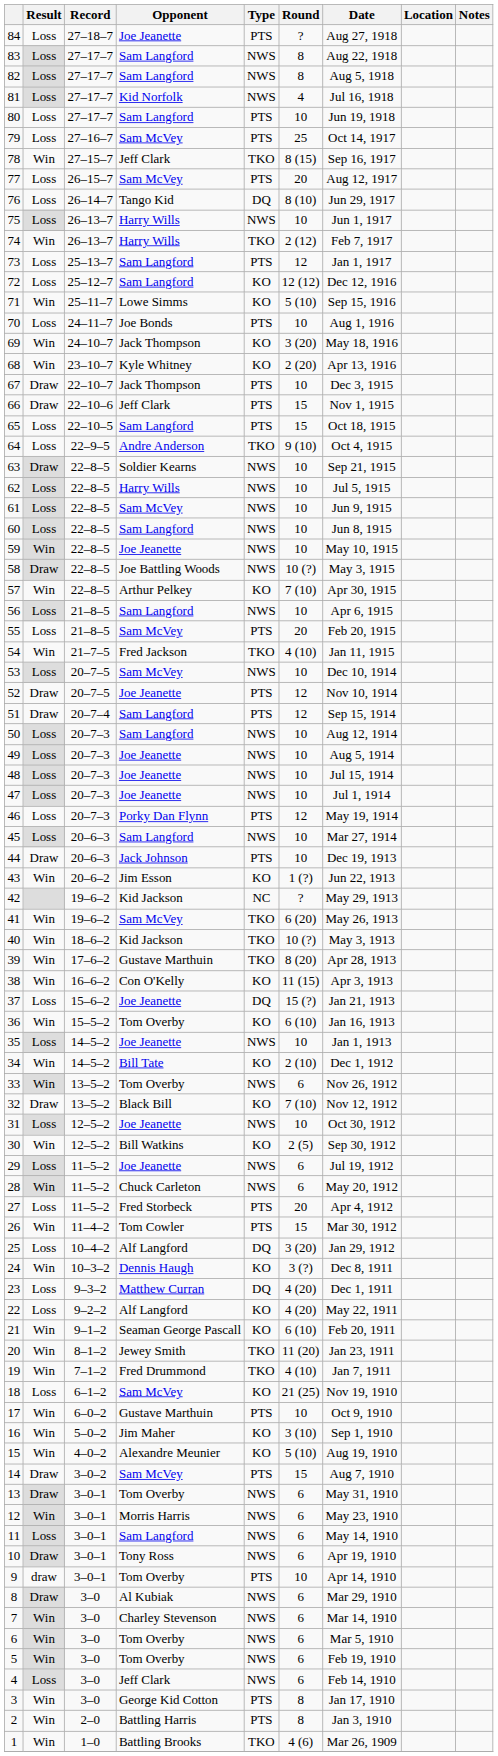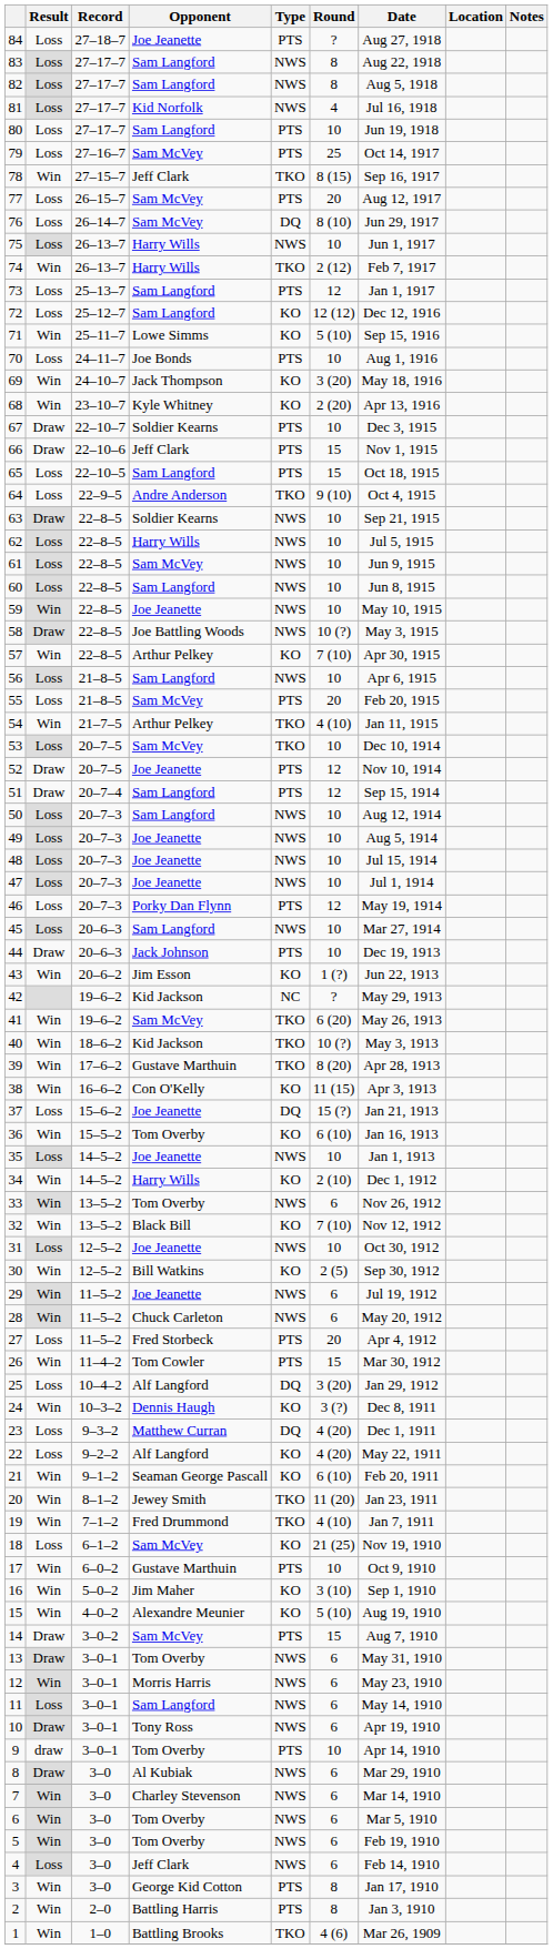 <table class="wikitable mw-collapsible mw-collapsed" style="text-align:center">
 <tr>
 <th></th>
 <th>Result</th>
 <th>Record</th>
 <th>Opponent</th>
 <th>Type</th>
 <th>Round</th>
 <th>Date</th>
 <th>Location</th>
 <th>Notes</th>
 </tr>
 <tr>
 <td>84</td>
 <td>Loss</td>
 <td>27–18–7 </td>
 <td align=left><a href='#'>Joe Jeanette</a></td>
 <td>PTS</td>
 <td>?</td>
 <td>Aug 27, 1918</td>
 <td style="text-align:left;"></td>
 <td></td>
 </tr>
 <tr>
 <td>83</td>
 <td style="background:#DDD">Loss</td>
 <td>27–17–7 </td>
 <td align=left><a href='#'>Sam Langford</a></td>
 <td>NWS</td>
 <td>8</td>
 <td>Aug 22, 1918</td>
 <td style="text-align:left;"></td>
 <td></td>
 </tr>
 <tr>
 <td>82</td>
 <td style="background:#DDD">Loss</td>
 <td>27–17–7 </td>
 <td align=left><a href='#'>Sam Langford</a></td>
 <td>NWS</td>
 <td>8</td>
 <td>Aug 5, 1918</td>
 <td style="text-align:left;"></td>
 <td></td>
 </tr>
 <tr>
 <td>81</td>
 <td style="background:#DDD">Loss</td>
 <td>27–17–7 </td>
 <td align=left><a href='#'>Kid Norfolk</a></td>
 <td>NWS</td>
 <td>4</td>
 <td>Jul 16, 1918</td>
 <td style="text-align:left;"></td>
 <td></td>
 </tr>
 <tr>
 <td>80</td>
 <td>Loss</td>
 <td>27–17–7 </td>
 <td align=left><a href='#'>Sam Langford</a></td>
 <td>PTS</td>
 <td>10</td>
 <td>Jun 19, 1918</td>
 <td style="text-align:left;"></td>
 <td></td>
 </tr>
 <tr>
 <td>79</td>
 <td>Loss</td>
 <td>27–16–7 </td>
 <td align=left><a href='#'>Sam McVey</a></td>
 <td>PTS</td>
 <td>25</td>
 <td>Oct 14, 1917</td>
 <td style="text-align:left;"></td>
 <td></td>
 </tr>
 <tr>
 <td>78</td>
 <td>Win</td>
 <td>27–15–7 </td>
 <td align=left>Jeff Clark</td>
 <td>TKO</td>
 <td>8 (15)</td>
 <td>Sep 16, 1917</td>
 <td style="text-align:left;"></td>
 <td></td>
 </tr>
 <tr>
 <td>77</td>
 <td>Loss</td>
 <td>26–15–7 </td>
 <td align=left><a href='#'>Sam McVey</a></td>
 <td>PTS</td>
 <td>20</td>
 <td>Aug 12, 1917</td>
 <td style="text-align:left;"></td>
 <td></td>
 </tr>
 <tr>
 <td>76</td>
 <td>Loss</td>
 <td>26–14–7 </td>
-<td align=left>Tango Kid</td>
+<td align=left><a href='#'>Sam McVey</a></td>
 <td>DQ</td>
 <td>8 (10)</td>
 <td>Jun 29, 1917</td>
 <td style="text-align:left;"></td>
 <td></td>
 </tr>
 <tr>
 <td>75</td>
 <td style="background:#DDD">Loss</td>
 <td>26–13–7 </td>
 <td align=left><a href='#'>Harry Wills</a></td>
 <td>NWS</td>
 <td>10</td>
 <td>Jun 1, 1917</td>
 <td style="text-align:left;"></td>
 <td></td>
 </tr>
 <tr>
 <td>74</td>
 <td>Win</td>
 <td>26–13–7 </td>
 <td align=left><a href='#'>Harry Wills</a></td>
 <td>TKO</td>
 <td>2 (12)</td>
 <td>Feb 7, 1917</td>
 <td style="text-align:left;"></td>
 <td></td>
 </tr>
 <tr>
 <td>73</td>
 <td>Loss</td>
 <td>25–13–7 </td>
 <td align=left><a href='#'>Sam Langford</a></td>
 <td>PTS</td>
 <td>12</td>
 <td>Jan 1, 1917</td>
 <td style="text-align:left;"></td>
 <td style="text-align:left;"></td>
 </tr>
 <tr>
 <td>72</td>
 <td>Loss</td>
 <td>25–12–7 </td>
 <td align=left><a href='#'>Sam Langford</a></td>
 <td>KO</td>
 <td>12 (12)</td>
 <td>Dec 12, 1916</td>
 <td style="text-align:left;"></td>
 <td style="text-align:left;"></td>
 </tr>
 <tr>
 <td>71</td>
 <td>Win</td>
 <td>25–11–7 </td>
 <td align=left>Lowe Simms</td>
 <td>KO</td>
 <td>5 (10)</td>
 <td>Sep 15, 1916</td>
 <td style="text-align:left;"></td>
 <td></td>
 </tr>
 <tr>
 <td>70</td>
 <td>Loss</td>
 <td>24–11–7 </td>
 <td align=left>Joe Bonds</td>
 <td>PTS</td>
 <td>10</td>
 <td>Aug 1, 1916</td>
 <td style="text-align:left;"></td>
 <td></td>
 </tr>
 <tr>
 <td>69</td>
 <td>Win</td>
 <td>24–10–7 </td>
 <td align=left>Jack Thompson</td>
 <td>KO</td>
 <td>3 (20)</td>
 <td>May 18, 1916</td>
 <td style="text-align:left;"></td>
 <td></td>
 </tr>
 <tr>
 <td>68</td>
 <td>Win</td>
 <td>23–10–7 </td>
 <td align=left>Kyle Whitney</td>
 <td>KO</td>
 <td>2 (20)</td>
 <td>Apr 13, 1916</td>
 <td style="text-align:left;"></td>
 <td></td>
 </tr>
 <tr>
 <td>67</td>
 <td>Draw</td>
 <td>22–10–7 </td>
-<td align=left>Jack Thompson</td>
+<td align=left>Soldier Kearns</td>
 <td>PTS</td>
 <td>10</td>
 <td>Dec 3, 1915</td>
 <td style="text-align:left;"></td>
 <td></td>
 </tr>
 <tr>
 <td>66</td>
 <td>Draw</td>
 <td>22–10–6 </td>
 <td align=left>Jeff Clark</td>
 <td>PTS</td>
 <td>15</td>
 <td>Nov 1, 1915</td>
 <td style="text-align:left;"></td>
 <td></td>
 </tr>
 <tr>
 <td>65</td>
 <td>Loss</td>
 <td>22–10–5 </td>
 <td align=left><a href='#'>Sam Langford</a></td>
 <td>PTS</td>
 <td>15</td>
 <td>Oct 18, 1915</td>
 <td style="text-align:left;"></td>
 <td></td>
 </tr>
 <tr>
 <td>64</td>
 <td>Loss</td>
 <td>22–9–5 </td>
 <td align=left><a href='#'>Andre Anderson</a></td>
 <td>TKO</td>
 <td>9 (10)</td>
 <td>Oct 4, 1915</td>
 <td style="text-align:left;"></td>
 <td></td>
 </tr>
 <tr>
 <td>63</td>
 <td style="background:#DDD">Draw</td>
 <td>22–8–5 </td>
 <td align=left>Soldier Kearns</td>
 <td>NWS</td>
 <td>10</td>
 <td>Sep 21, 1915</td>
 <td style="text-align:left;"></td>
 <td></td>
 </tr>
 <tr>
 <td>62</td>
 <td style="background:#DDD">Loss</td>
 <td>22–8–5 </td>
 <td align=left><a href='#'>Harry Wills</a></td>
 <td>NWS</td>
 <td>10</td>
 <td>Jul 5, 1915</td>
 <td style="text-align:left;"></td>
 <td></td>
 </tr>
 <tr>
 <td>61</td>
 <td style="background:#DDD">Loss</td>
 <td>22–8–5 </td>
 <td align=left><a href='#'>Sam McVey</a></td>
 <td>NWS</td>
 <td>10</td>
 <td>Jun 9, 1915</td>
 <td style="text-align:left;"></td>
 <td></td>
 </tr>
 <tr>
 <td>60</td>
 <td style="background:#DDD">Loss</td>
 <td>22–8–5 </td>
 <td align=left><a href='#'>Sam Langford</a></td>
 <td>NWS</td>
 <td>10</td>
 <td>Jun 8, 1915</td>
 <td style="text-align:left;"></td>
 <td></td>
 </tr>
 <tr>
 <td>59</td>
 <td style="background:#DDD">Win</td>
 <td>22–8–5 </td>
 <td align=left><a href='#'>Joe Jeanette</a></td>
 <td>NWS</td>
 <td>10</td>
 <td>May 10, 1915</td>
 <td style="text-align:left;"></td>
 <td></td>
 </tr>
 <tr>
 <td>58</td>
 <td style="background:#DDD">Draw</td>
 <td>22–8–5 </td>
 <td align=left>Joe Battling Woods</td>
 <td>NWS</td>
 <td>10 (?)</td>
 <td>May 3, 1915</td>
 <td style="text-align:left;"></td>
 <td></td>
 </tr>
 <tr>
 <td>57</td>
 <td>Win</td>
 <td>22–8–5 </td>
 <td align=left>Arthur Pelkey</td>
 <td>KO</td>
 <td>7 (10)</td>
 <td>Apr 30, 1915</td>
 <td style="text-align:left;"></td>
 <td></td>
 </tr>
 <tr>
 <td>56</td>
 <td style="background:#DDD">Loss</td>
 <td>21–8–5 </td>
 <td align=left><a href='#'>Sam Langford</a></td>
 <td>NWS</td>
 <td>10</td>
 <td>Apr 6, 1915</td>
 <td style="text-align:left;"></td>
 <td style="text-align:left;"></td>
 </tr>
 <tr>
 <td>55</td>
 <td>Loss</td>
 <td>21–8–5 </td>
 <td align=left><a href='#'>Sam McVey</a></td>
 <td>PTS</td>
 <td>20</td>
 <td>Feb 20, 1915</td>
 <td style="text-align:left;"></td>
 <td></td>
 </tr>
 <tr>
 <td>54</td>
 <td>Win</td>
 <td>21–7–5 </td>
-<td align=left>Fred Jackson</td>
+<td align=left>Arthur Pelkey</td>
 <td>TKO</td>
 <td>4 (10)</td>
 <td>Jan 11, 1915</td>
 <td style="text-align:left;"></td>
 <td></td>
 </tr>
 <tr>
 <td>53</td>
 <td style="background:#DDD">Loss</td>
 <td>20–7–5 </td>
 <td align=left><a href='#'>Sam McVey</a></td>
-<td>NWS</td>
+<td>TKO</td>
 <td>10</td>
 <td>Dec 10, 1914</td>
 <td style="text-align:left;"></td>
 <td></td>
 </tr>
 <tr>
 <td>52</td>
 <td>Draw</td>
 <td>20–7–5 </td>
 <td align=left><a href='#'>Joe Jeanette</a></td>
 <td>PTS</td>
 <td>12</td>
 <td>Nov 10, 1914</td>
 <td style="text-align:left;"></td>
 <td></td>
 </tr>
 <tr>
 <td>51</td>
 <td>Draw</td>
 <td>20–7–4 </td>
 <td align=left><a href='#'>Sam Langford</a></td>
 <td>PTS</td>
 <td>12</td>
 <td>Sep 15, 1914</td>
 <td style="text-align:left;"></td>
 <td style="text-align:left;"></td>
 </tr>
 <tr>
 <td>50</td>
 <td style="background:#DDD">Loss</td>
 <td>20–7–3 </td>
 <td align=left><a href='#'>Sam Langford</a></td>
 <td>NWS</td>
 <td>10</td>
 <td>Aug 12, 1914</td>
 <td style="text-align:left;"></td>
 <td style="text-align:left;"></td>
 </tr>
 <tr>
 <td>49</td>
 <td style="background:#DDD">Loss</td>
 <td>20–7–3 </td>
 <td align=left><a href='#'>Joe Jeanette</a></td>
 <td>NWS</td>
 <td>10</td>
 <td>Aug 5, 1914</td>
 <td style="text-align:left;"></td>
 <td></td>
 </tr>
 <tr>
 <td>48</td>
 <td style="background:#DDD">Loss</td>
 <td>20–7–3 </td>
 <td align=left><a href='#'>Joe Jeanette</a></td>
 <td>NWS</td>
 <td>10</td>
 <td>Jul 15, 1914</td>
 <td style="text-align:left;"></td>
 <td></td>
 </tr>
 <tr>
 <td>47</td>
 <td style="background:#DDD">Loss</td>
 <td>20–7–3 </td>
 <td align=left><a href='#'>Joe Jeanette</a></td>
 <td>NWS</td>
 <td>10</td>
 <td>Jul 1, 1914</td>
 <td style="text-align:left;"></td>
 <td></td>
 </tr>
 <tr>
 <td>46</td>
 <td>Loss</td>
 <td>20–7–3 </td>
 <td align=left><a href='#'>Porky Dan Flynn</a></td>
 <td>PTS</td>
 <td>12</td>
 <td>May 19, 1914</td>
 <td style="text-align:left;"></td>
 <td></td>
 </tr>
 <tr>
 <td>45</td>
 <td style="background:#DDD">Loss</td>
 <td>20–6–3 </td>
 <td align=left><a href='#'>Sam Langford</a></td>
 <td>NWS</td>
 <td>10</td>
 <td>Mar 27, 1914</td>
 <td style="text-align:left;"></td>
 <td></td>
 </tr>
 <tr>
 <td>44</td>
 <td>Draw</td>
 <td>20–6–3 </td>
 <td align=left><a href='#'>Jack Johnson</a></td>
 <td>PTS</td>
 <td>10</td>
 <td>Dec 19, 1913</td>
 <td style="text-align:left;"></td>
 <td style="text-align:left;"></td>
 </tr>
 <tr>
 <td>43</td>
 <td>Win</td>
 <td>20–6–2 </td>
 <td align=left>Jim Esson</td>
 <td>KO</td>
 <td>1 (?)</td>
 <td>Jun 22, 1913</td>
 <td style="text-align:left;"></td>
 <td></td>
 </tr>
 <tr>
 <td>42</td>
 <td style="background:#DDD"></td>
 <td>19–6–2 </td>
 <td align=left>Kid Jackson</td>
 <td>NC</td>
 <td>?</td>
 <td>May 29, 1913</td>
 <td style="text-align:left;"></td>
 <td></td>
 </tr>
 <tr>
 <td>41</td>
 <td>Win</td>
 <td>19–6–2 </td>
 <td align=left><a href='#'>Sam McVey</a></td>
 <td>TKO</td>
 <td>6 (20)</td>
 <td>May 26, 1913</td>
 <td style="text-align:left;"></td>
 <td></td>
 </tr>
 <tr>
 <td>40</td>
 <td>Win</td>
 <td>18–6–2 </td>
 <td align=left>Kid Jackson</td>
 <td>TKO</td>
 <td>10 (?)</td>
 <td>May 3, 1913</td>
 <td style="text-align:left;"></td>
 <td></td>
 </tr>
 <tr>
 <td>39</td>
 <td>Win</td>
 <td>17–6–2 </td>
 <td align=left>Gustave Marthuin</td>
 <td>TKO</td>
 <td>8 (20)</td>
 <td>Apr 28, 1913</td>
 <td style="text-align:left;"></td>
 <td></td>
 </tr>
 <tr>
 <td>38</td>
 <td>Win</td>
 <td>16–6–2 </td>
 <td align=left>Con O'Kelly</td>
 <td>KO</td>
 <td>11 (15)</td>
 <td>Apr 3, 1913</td>
 <td style="text-align:left;"></td>
 <td></td>
 </tr>
 <tr>
 <td>37</td>
 <td>Loss</td>
 <td>15–6–2 </td>
 <td align=left><a href='#'>Joe Jeanette</a></td>
 <td>DQ</td>
 <td>15 (?)</td>
 <td>Jan 21, 1913</td>
 <td style="text-align:left;"></td>
 <td></td>
 </tr>
 <tr>
 <td>36</td>
 <td>Win</td>
 <td>15–5–2 </td>
 <td align=left>Tom Overby</td>
 <td>KO</td>
 <td>6 (10)</td>
 <td>Jan 16, 1913</td>
 <td style="text-align:left;"></td>
 <td></td>
 </tr>
 <tr>
 <td>35</td>
 <td style="background:#DDD">Loss</td>
 <td>14–5–2 </td>
 <td align=left><a href='#'>Joe Jeanette</a></td>
 <td>NWS</td>
 <td>10</td>
 <td>Jan 1, 1913</td>
 <td style="text-align:left;"></td>
 <td></td>
 </tr>
 <tr>
 <td>34</td>
 <td>Win</td>
 <td>14–5–2 </td>
-<td align=left><a href='#'>Bill Tate</a></td>
+<td align=left><a href='#'>Harry Wills</a></td>
 <td>KO</td>
 <td>2 (10)</td>
 <td>Dec 1, 1912</td>
 <td style="text-align:left;"></td>
 <td></td>
 </tr>
 <tr>
 <td>33</td>
 <td style="background:#DDD">Win</td>
 <td>13–5–2 </td>
 <td align=left>Tom Overby</td>
 <td>NWS</td>
 <td>6</td>
 <td>Nov 26, 1912</td>
 <td style="text-align:left;"></td>
 <td></td>
 </tr>
 <tr>
 <td>32</td>
-<td>Draw</td>
+<td>Win</td>
 <td>13–5–2 </td>
 <td align=left>Black Bill</td>
 <td>KO</td>
 <td>7 (10)</td>
 <td>Nov 12, 1912</td>
 <td style="text-align:left;"></td>
 <td></td>
 </tr>
 <tr>
 <td>31</td>
 <td style="background:#DDD">Loss</td>
 <td>12–5–2 </td>
 <td align=left><a href='#'>Joe Jeanette</a></td>
 <td>NWS</td>
 <td>10</td>
 <td>Oct 30, 1912</td>
 <td style="text-align:left;"></td>
 <td></td>
 </tr>
 <tr>
 <td>30</td>
 <td>Win</td>
 <td>12–5–2 </td>
 <td align=left>Bill Watkins</td>
 <td>KO</td>
 <td>2 (5)</td>
 <td>Sep 30, 1912</td>
 <td style="text-align:left;"></td>
 <td></td>
 </tr>
 <tr>
 <td>29</td>
-<td style="background:#DDD">Loss</td>
+<td style="background:#DDD">Win</td>
 <td>11–5–2 </td>
 <td align=left><a href='#'>Joe Jeanette</a></td>
 <td>NWS</td>
 <td>6</td>
 <td>Jul 19, 1912</td>
 <td style="text-align:left;"></td>
 <td></td>
 </tr>
 <tr>
 <td>28</td>
 <td style="background:#DDD">Win</td>
 <td>11–5–2 </td>
 <td align=left>Chuck Carleton</td>
 <td>NWS</td>
 <td>6</td>
 <td>May 20, 1912</td>
 <td style="text-align:left;"></td>
 <td></td>
 </tr>
 <tr>
 <td>27</td>
 <td>Loss</td>
 <td>11–5–2 </td>
 <td align=left>Fred Storbeck</td>
 <td>PTS</td>
 <td>20</td>
 <td>Apr 4, 1912</td>
 <td style="text-align:left;"></td>
 <td></td>
 </tr>
 <tr>
 <td>26</td>
 <td>Win</td>
 <td>11–4–2 </td>
 <td align=left>Tom Cowler</td>
 <td>PTS</td>
 <td>15</td>
 <td>Mar 30, 1912</td>
 <td style="text-align:left;"></td>
 <td></td>
 </tr>
 <tr>
 <td>25</td>
 <td>Loss</td>
 <td>10–4–2 </td>
 <td align=left>Alf Langford</td>
 <td>DQ</td>
 <td>3 (20)</td>
 <td>Jan 29, 1912</td>
 <td style="text-align:left;"></td>
 <td style="text-align:left;"></td>
 </tr>
 <tr>
 <td>24</td>
 <td>Win</td>
 <td>10–3–2 </td>
 <td align=left><a href='#'>Dennis Haugh</a></td>
 <td>KO</td>
 <td>3 (?)</td>
 <td>Dec 8, 1911</td>
 <td style="text-align:left;"></td>
 <td></td>
 </tr>
 <tr>
 <td>23</td>
 <td>Loss</td>
 <td>9–3–2 </td>
 <td align=left><a href='#'>Matthew Curran</a></td>
 <td>DQ</td>
 <td>4 (20)</td>
 <td>Dec 1, 1911</td>
 <td style="text-align:left;"></td>
 <td></td>
 </tr>
 <tr>
 <td>22</td>
 <td>Loss</td>
 <td>9–2–2 </td>
 <td align=left>Alf Langford</td>
 <td>KO</td>
 <td>4 (20)</td>
 <td>May 22, 1911</td>
 <td style="text-align:left;"></td>
 <td></td>
 </tr>
 <tr>
 <td>21</td>
 <td>Win</td>
 <td>9–1–2 </td>
 <td align=left>Seaman George Pascall</td>
 <td>KO</td>
 <td>6 (10)</td>
 <td>Feb 20, 1911</td>
 <td style="text-align:left;"></td>
 <td></td>
 </tr>
 <tr>
 <td>20</td>
 <td>Win</td>
 <td>8–1–2 </td>
 <td align=left>Jewey Smith</td>
 <td>TKO</td>
 <td>11 (20)</td>
 <td>Jan 23, 1911</td>
 <td style="text-align:left;"></td>
 <td></td>
 </tr>
 <tr>
 <td>19</td>
 <td>Win</td>
 <td>7–1–2 </td>
 <td align=left>Fred Drummond</td>
 <td>TKO</td>
 <td>4 (10)</td>
 <td>Jan 7, 1911</td>
 <td style="text-align:left;"></td>
 <td></td>
 </tr>
 <tr>
 <td>18</td>
 <td>Loss</td>
 <td>6–1–2 </td>
 <td align=left><a href='#'>Sam McVey</a></td>
 <td>KO</td>
 <td>21 (25)</td>
 <td>Nov 19, 1910</td>
 <td style="text-align:left;"></td>
 <td></td>
 </tr>
 <tr>
 <td>17</td>
 <td>Win</td>
 <td>6–0–2 </td>
 <td align=left>Gustave Marthuin</td>
 <td>PTS</td>
 <td>10</td>
 <td>Oct 9, 1910</td>
 <td style="text-align:left;"></td>
 <td></td>
 </tr>
 <tr>
 <td>16</td>
 <td>Win</td>
 <td>5–0–2 </td>
 <td align=left>Jim Maher</td>
 <td>KO</td>
 <td>3 (10)</td>
 <td>Sep 1, 1910</td>
 <td style="text-align:left;"></td>
 <td></td>
 </tr>
 <tr>
 <td>15</td>
 <td>Win</td>
 <td>4–0–2 </td>
 <td align=left>Alexandre Meunier</td>
 <td>KO</td>
 <td>5 (10)</td>
 <td>Aug 19, 1910</td>
 <td style="text-align:left;"></td>
 <td></td>
 </tr>
 <tr>
 <td>14</td>
 <td>Draw</td>
 <td>3–0–2 </td>
 <td align=left><a href='#'>Sam McVey</a></td>
 <td>PTS</td>
 <td>15</td>
 <td>Aug 7, 1910</td>
 <td style="text-align:left;"></td>
 <td></td>
 </tr>
 <tr>
 <td>13</td>
 <td style="background:#DDD">Draw</td>
 <td>3–0–1 </td>
 <td align=left>Tom Overby</td>
 <td>NWS</td>
 <td>6</td>
 <td>May 31, 1910</td>
 <td style="text-align:left;"></td>
 <td></td>
 </tr>
 <tr>
 <td>12</td>
 <td style="background:#DDD">Win</td>
 <td>3–0–1 </td>
 <td align=left>Morris Harris</td>
 <td>NWS</td>
 <td>6</td>
 <td>May 23, 1910</td>
 <td style="text-align:left;"></td>
 <td></td>
 </tr>
 <tr>
 <td>11</td>
 <td style="background:#DDD">Loss</td>
 <td>3–0–1 </td>
 <td align=left><a href='#'>Sam Langford</a></td>
 <td>NWS</td>
 <td>6</td>
 <td>May 14, 1910</td>
 <td style="text-align:left;"></td>
 <td style="text-align:left;"></td>
 </tr>
 <tr>
 <td>10</td>
 <td style="background:#DDD">Draw</td>
 <td>3–0–1 </td>
 <td align=left>Tony Ross</td>
 <td>NWS</td>
 <td>6</td>
 <td>Apr 19, 1910</td>
 <td style="text-align:left;"></td>
 <td></td>
 </tr>
 <tr>
 <td>9</td>
 <td>draw</td>
 <td>3–0–1 </td>
 <td align=left>Tom Overby</td>
 <td>PTS</td>
 <td>10</td>
 <td>Apr 14, 1910</td>
 <td style="text-align:left;"></td>
 <td></td>
 </tr>
 <tr>
 <td>8</td>
 <td style="background:#DDD">Draw</td>
 <td>3–0 </td>
 <td align=left>Al Kubiak</td>
 <td>NWS</td>
 <td>6</td>
 <td>Mar 29, 1910</td>
 <td style="text-align:left;"></td>
 <td></td>
 </tr>
 <tr>
 <td>7</td>
 <td style="background:#DDD">Win</td>
 <td>3–0 </td>
 <td align=left>Charley Stevenson</td>
 <td>NWS</td>
 <td>6</td>
 <td>Mar 14, 1910</td>
 <td style="text-align:left;"></td>
 <td></td>
 </tr>
 <tr>
 <td>6</td>
 <td style="background:#DDD">Win</td>
 <td>3–0 </td>
 <td align=left>Tom Overby</td>
 <td>NWS</td>
 <td>6</td>
 <td>Mar 5, 1910</td>
 <td style="text-align:left;"></td>
 <td></td>
 </tr>
 <tr>
 <td>5</td>
 <td style="background:#DDD">Win</td>
 <td>3–0 </td>
 <td align=left>Tom Overby</td>
 <td>NWS</td>
 <td>6</td>
 <td>Feb 19, 1910</td>
 <td style="text-align:left;"></td>
 <td></td>
 </tr>
 <tr>
 <td>4</td>
 <td style="background:#DDD">Loss</td>
 <td>3–0 </td>
 <td align=left>Jeff Clark</td>
 <td>NWS</td>
 <td>6</td>
 <td>Feb 14, 1910</td>
 <td style="text-align:left;"></td>
 <td></td>
 </tr>
 <tr>
 <td>3</td>
 <td>Win</td>
 <td>3–0</td>
 <td align=left>George Kid Cotton</td>
 <td>PTS</td>
 <td>8</td>
 <td>Jan 17, 1910</td>
 <td style="text-align:left;"></td>
 <td></td>
 </tr>
 <tr>
 <td>2</td>
 <td>Win</td>
 <td>2–0</td>
 <td align=left>Battling Harris</td>
 <td>PTS</td>
 <td>8</td>
 <td>Jan 3, 1910</td>
 <td style="text-align:left;"></td>
 <td></td>
 </tr>
 <tr>
 <td>1</td>
 <td>Win</td>
 <td>1–0</td>
 <td align=left>Battling Brooks</td>
 <td>TKO</td>
 <td>4 (6)</td>
 <td>Mar 26, 1909</td>
 <td style="text-align:left;"></td>
 <td></td>
 </tr>
 <tr>
 </tr>
 </table>
